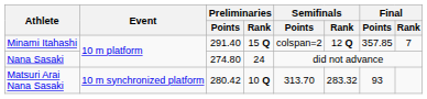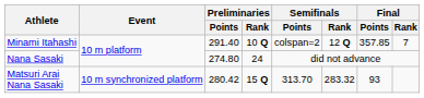 <table class=wikitable style="font-size:90%;">
 <tr>
 <th rowspan="2">Athlete</th>
 <th rowspan="2">Event</th>
 <th colspan="2">Preliminaries</th>
 <th colspan="2">Semifinals</th>
 <th colspan="2">Final</th>
 </tr>
 <tr style="font-size:95%">
 <th>Points</th>
 <th>Rank</th>
 <th>Points</th>
 <th>Rank</th>
 <th>Points</th>
 <th>Rank</th>
 </tr>
 <tr align=center>
 <td align=left><a href='#'>Minami Itahashi</a></td>
 <td align=left rowspan=2><a href='#'>10 m platform</a></td>
 <td>291.40</td>
-<td>15 <strong>Q</strong></td>
+<td>10 <strong>Q</strong></td>
 <td>colspan=2 </td>
 <td>12 <strong>Q</strong></td>
 <td>357.85</td>
 <td>7</td>
 </tr>
 <tr align=center>
 <td align=left><a href='#'>Nana Sasaki</a></td>
 <td>274.80</td>
 <td>24</td>
 <td colspan=4>did not advance</td>
 </tr>
 <tr align=center>
 <td align=left><a href='#'>Matsuri Arai</a><br><a href='#'>Nana Sasaki</a></td>
 <td align=left><a href='#'>10 m synchronized platform</a></td>
 <td>280.42</td>
-<td>10 <strong>Q</strong></td>
+<td>15 <strong>Q</strong></td>
 <td>313.70</td>
 <td>283.32</td>
 <td>93</td>
 </tr>
 </table>
